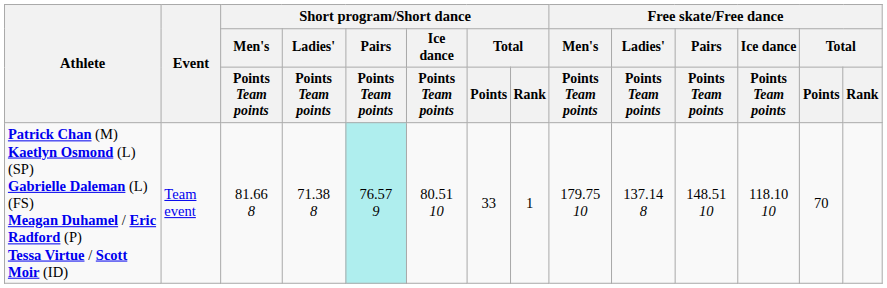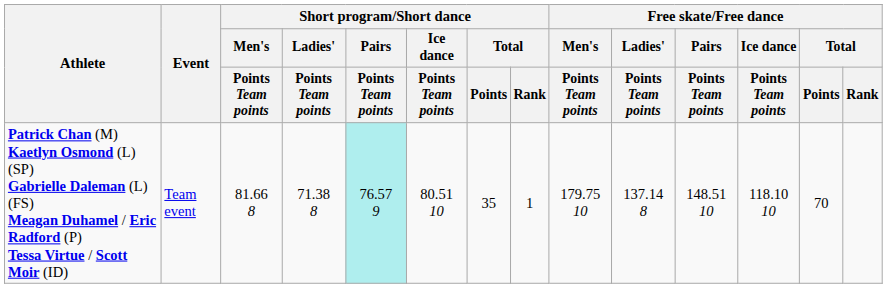 <table class="wikitable" style="font-size:90%">
 <tr>
 <th rowspan=3>Athlete</th>
 <th rowspan=3>Event</th>
 <th colspan=6>Short program/Short dance</th>
 <th colspan=6>Free skate/Free dance</th>
 </tr>
 <tr style="font-size:95%">
 <th>Men's</th>
 <th>Ladies'</th>
 <th>Pairs</th>
 <th>Ice dance</th>
 <th colspan=2>Total</th>
 <th>Men's</th>
 <th>Ladies'</th>
 <th>Pairs</th>
 <th>Ice dance</th>
 <th colspan=2>Total</th>
 </tr>
 <tr style="font-size:95%">
 <th>Points<br><em>Team points</em></th>
 <th>Points<br><em>Team points</em></th>
 <th>Points<br><em>Team points</em></th>
 <th>Points<br><em>Team points</em></th>
 <th>Points</th>
 <th>Rank</th>
 <th>Points<br><em>Team points</em></th>
 <th>Points<br><em>Team points</em></th>
 <th>Points<br><em>Team points</em></th>
 <th>Points<br><em>Team points</em></th>
 <th>Points</th>
 <th>Rank</th>
 </tr>
 <tr align=center>
 <td align=left><strong><a href='#'>Patrick Chan</a></strong> (M)<br><strong><a href='#'>Kaetlyn Osmond</a></strong> (L) (SP)<br><strong><a href='#'>Gabrielle Daleman</a></strong> (L) (FS)<br><strong><a href='#'>Meagan Duhamel</a></strong> / <strong><a href='#'>Eric Radford</a></strong> (P)<br><strong><a href='#'>Tessa Virtue</a></strong> / <strong><a href='#'>Scott Moir</a></strong> (ID)</td>
 <td align=left><a href='#'>Team event</a></td>
 <td>81.66<br><em>8</em></td>
 <td>71.38<br><em>8</em></td>
 <td style="background: paleturquoise;">76.57<br><em>9</em></td>
 <td>80.51<br><em>10</em></td>
-<td>33</td>
+<td>35</td>
 <td>1</td>
 <td>179.75<br><em>10</em></td>
 <td>137.14<br><em>8</em></td>
 <td>148.51<br><em>10</em></td>
 <td>118.10<br><em>10</em></td>
 <td>70</td>
 <td></td>
 </tr>
 </table>
